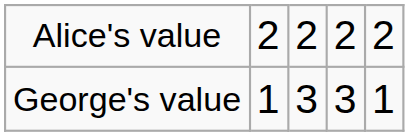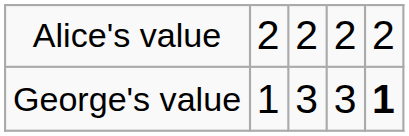 <table class="wikitable" style="text-align:center">
 <tr>
 <td>Alice's value</td>
 <td><big>2</big></td>
 <td><big>2</big></td>
 <td><big>2</big></td>
 <td><big>2</big></td>
 </tr>
 <tr>
 <td>George's value</td>
 <td><big>1</big></td>
 <td><big>3</big></td>
 <td><big>3</big></td>
-<td><big>1</big></td>
+<td><strong><big>1</big></strong></td>
 </tr>
 </table>
